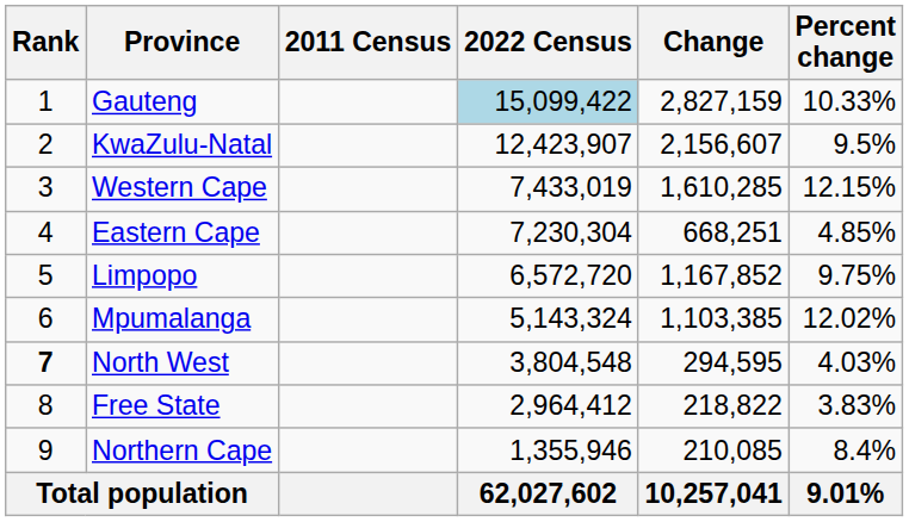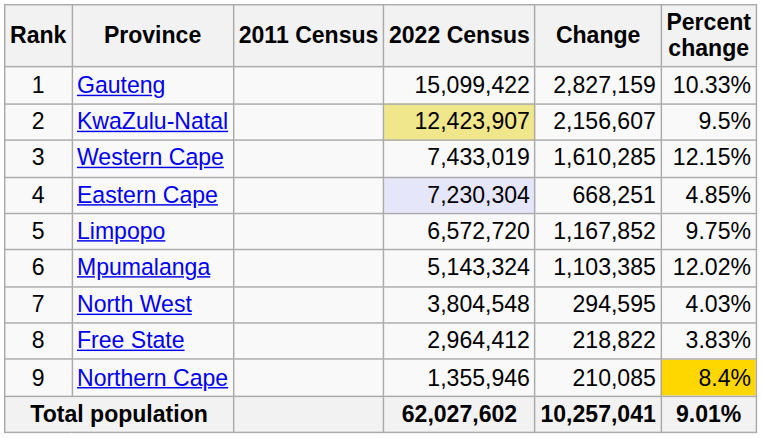 <table class="wikitable sortable" style="text-align: right;">
 <tr>
 <th data-sort-type="number">Rank</th>
 <th>Province</th>
 <th>2011 Census</th>
 <th>2022 Census</th>
 <th data-sort-type="number">Change</th>
 <th data-sort-type="number">Percent<br>change</th>
 </tr>
 <tr>
 <td style="text-align: center;">1 </td>
 <td style="text-align: left;"><a href='#'>Gauteng</a></td>
 <td></td>
-<td style="background: lightblue;">15,099,422</td>
+<td>15,099,422</td>
 <td>2,827,159 </td>
 <td>10.33% </td>
 </tr>
 <tr>
 <td style="text-align: center;">2 </td>
 <td style="text-align: left;"><a href='#'>KwaZulu-Natal</a></td>
 <td></td>
-<td>12,423,907</td>
+<td style="background: khaki;">12,423,907</td>
 <td>2,156,607 </td>
 <td>9.5% </td>
 </tr>
 <tr>
 <td style="text-align: center;">3 </td>
 <td style="text-align: left;"><a href='#'>Western Cape</a></td>
 <td></td>
 <td>7,433,019</td>
 <td>1,610,285 </td>
 <td>12.15% </td>
 </tr>
 <tr>
 <td style="text-align: center;">4 </td>
 <td style="text-align: left;"><a href='#'>Eastern Cape</a></td>
 <td></td>
-<td>7,230,304</td>
+<td style="background: lavender;">7,230,304</td>
 <td>668,251 </td>
 <td>4.85% </td>
 </tr>
 <tr>
 <td style="text-align: center;">5 </td>
 <td style="text-align: left;"><a href='#'>Limpopo</a></td>
 <td></td>
 <td>6,572,720</td>
 <td>1,167,852 </td>
 <td>9.75% </td>
 </tr>
 <tr>
 <td style="text-align: center;">6 </td>
 <td style="text-align: left;"><a href='#'>Mpumalanga</a></td>
 <td></td>
 <td>5,143,324</td>
 <td>1,103,385 </td>
 <td>12.02% </td>
 </tr>
 <tr>
-<td style="text-align: center;"><strong>7 </strong></td>
+<td style="text-align: center;">7 </td>
 <td style="text-align: left;"><a href='#'>North West</a></td>
 <td></td>
 <td>3,804,548</td>
 <td>294,595 </td>
 <td>4.03% </td>
 </tr>
 <tr>
 <td style="text-align: center;">8 </td>
 <td style="text-align: left;"><a href='#'>Free State</a></td>
 <td></td>
 <td>2,964,412</td>
 <td>218,822 </td>
 <td>3.83% </td>
 </tr>
 <tr>
 <td style="text-align: center;">9 </td>
 <td style="text-align: left;"><a href='#'>Northern Cape</a></td>
 <td></td>
 <td>1,355,946</td>
 <td>210,085 </td>
-<td>8.4% </td>
+<td style="background: gold;">8.4% </td>
 </tr>
 <tr>
 <th colspan="2">Total population</th>
 <th></th>
 <th>62,027,602</th>
 <th>10,257,041 </th>
 <th>9.01% </th>
 </tr>
 </table>
